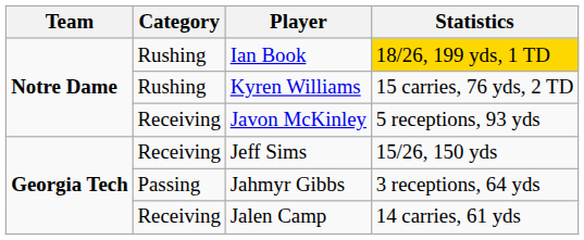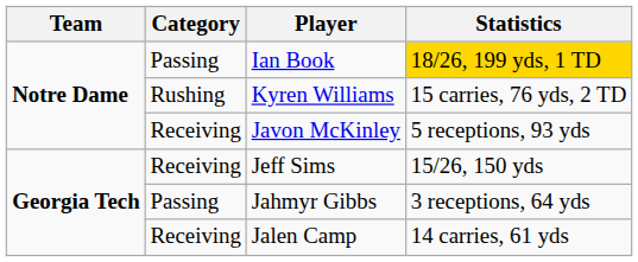 <table class="wikitable" style="float: right;">
 <tr>
 <th>Team</th>
 <th>Category</th>
 <th>Player</th>
 <th>Statistics</th>
 </tr>
 <tr>
 <td rowspan=3><strong>Notre Dame</strong></td>
-<td>Rushing</td>
+<td>Passing</td>
 <td><a href='#'>Ian Book</a></td>
 <td style="background: gold;">18/26, 199 yds, 1 TD</td>
 </tr>
 <tr>
 <td>Rushing</td>
 <td><a href='#'>Kyren Williams</a></td>
 <td>15 carries, 76 yds, 2 TD</td>
 </tr>
 <tr>
 <td>Receiving</td>
 <td><a href='#'>Javon McKinley</a></td>
 <td>5 receptions, 93 yds</td>
 </tr>
 <tr>
 <td rowspan=3><strong>Georgia Tech</strong></td>
 <td>Receiving</td>
 <td>Jeff Sims</td>
 <td>15/26, 150 yds</td>
 </tr>
 <tr>
 <td>Passing</td>
 <td>Jahmyr Gibbs</td>
 <td>3 receptions, 64 yds</td>
 </tr>
 <tr>
 <td>Receiving</td>
 <td>Jalen Camp</td>
 <td>14 carries, 61 yds</td>
 </tr>
 </table>
